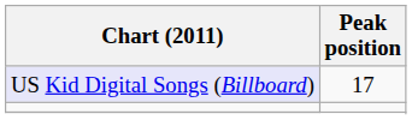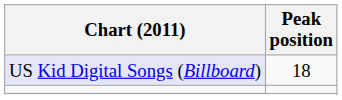 <table class="wikitable sortable">
 <tr>
 <th scope="col">Chart (2011)</th>
 <th scope="col">Peak<br>position</th>
 </tr>
 <tr>
 <td style="background: lavender;">US <a href='#'>Kid Digital Songs</a> (<em><a href='#'>Billboard</a></em>)</td>
-<td style="text-align:center;">17</td>
+<td style="text-align:center;">18</td>
 </tr>
 <tr>
 <td></td>
 </tr>
 <tr>
 </tr>
 </table>
